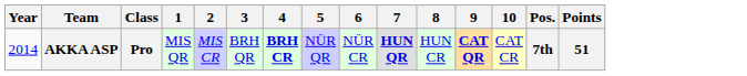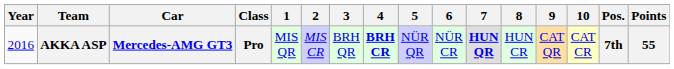 <table class="wikitable" style="text-align:center; font-size:85%;">
 <tr>
 <th>Year</th>
 <th>Team</th>
+<th>Car</th>
 <th>Class</th>
 <th>1</th>
 <th>2</th>
 <th>3</th>
 <th>4</th>
 <th>5</th>
 <th>6</th>
 <th>7</th>
 <th>8</th>
 <th>9</th>
 <th>10</th>
 <th>Pos.</th>
 <th>Points</th>
 </tr>
 <tr>
-<td><a href='#'>2014</a></td>
+<td><a href='#'>2016</a></td>
 <th nowrap>AKKA ASP</th>
+<th nowrap><a href='#'>Mercedes-AMG GT3</a></th>
 <th>Pro</th>
 <td style="background:#DFFFDF;"><a href='#'>MIS<br>QR</a><br></td>
 <td style="background:#CFCFFF;"><em><a href='#'>MIS<br>CR</a></em><br></td>
 <td style="background:#DFFFDF;"><a href='#'>BRH<br>QR</a><br></td>
 <td style="background:#DFFFDF;"><strong><a href='#'>BRH<br>CR</a><br></strong></td>
 <td style="background:#CFCFFF;"><a href='#'>NÜR<br>QR</a><br></td>
 <td style="background:#DFFFDF;"><a href='#'>NÜR<br>CR</a><br></td>
 <td style="background:#DFDFDF;"><strong><a href='#'>HUN<br>QR</a></strong><br></td>
 <td style="background:#DFFFDF;"><a href='#'>HUN<br>CR</a><br></td>
-<td style="background:#FFDF9F;"><strong><a href='#'>CAT<br>QR</a><br></strong></td>
+<td style="background:#FFDF9F;"><a href='#'>CAT<br>QR</a><br></td>
 <td style="background:#FFFFBF;"><a href='#'>CAT<br>CR</a><br></td>
 <th>7th</th>
-<th>51</th>
+<th>55</th>
 </tr>
 </table>
